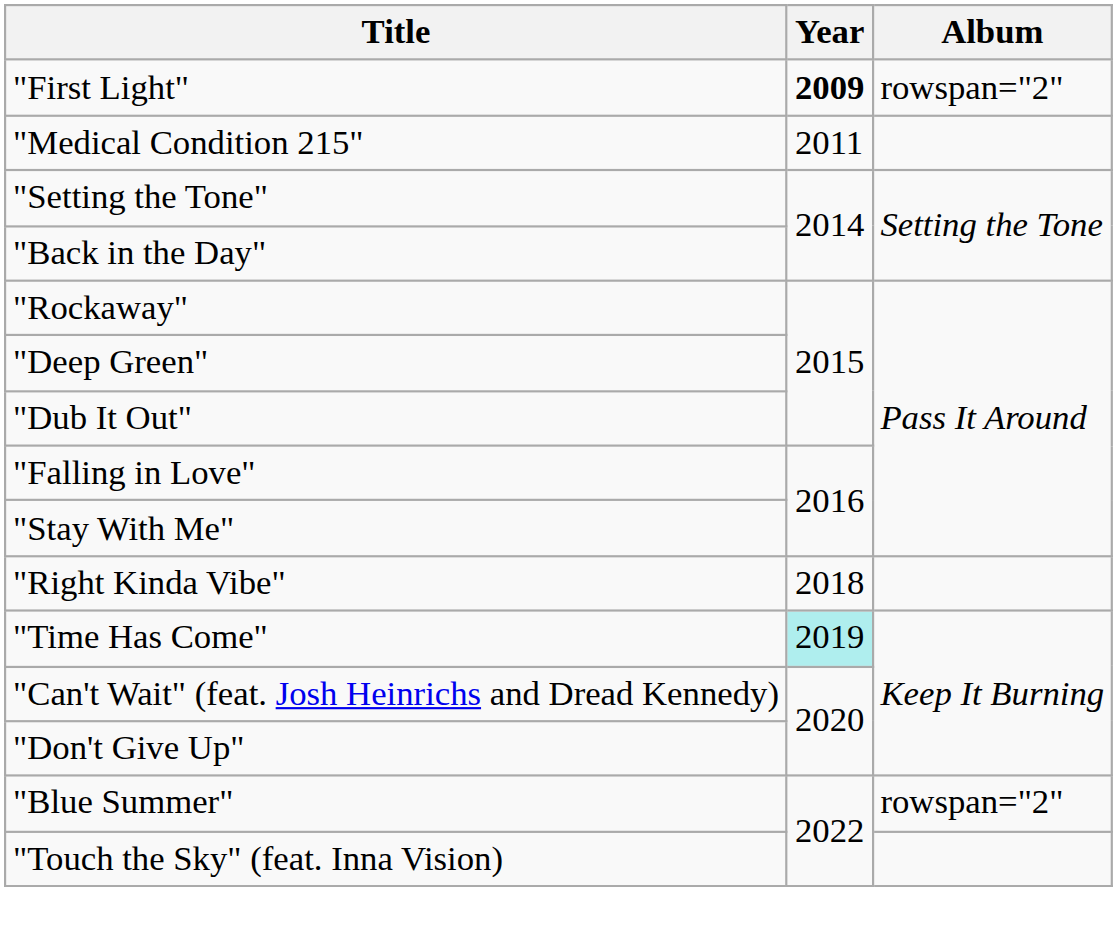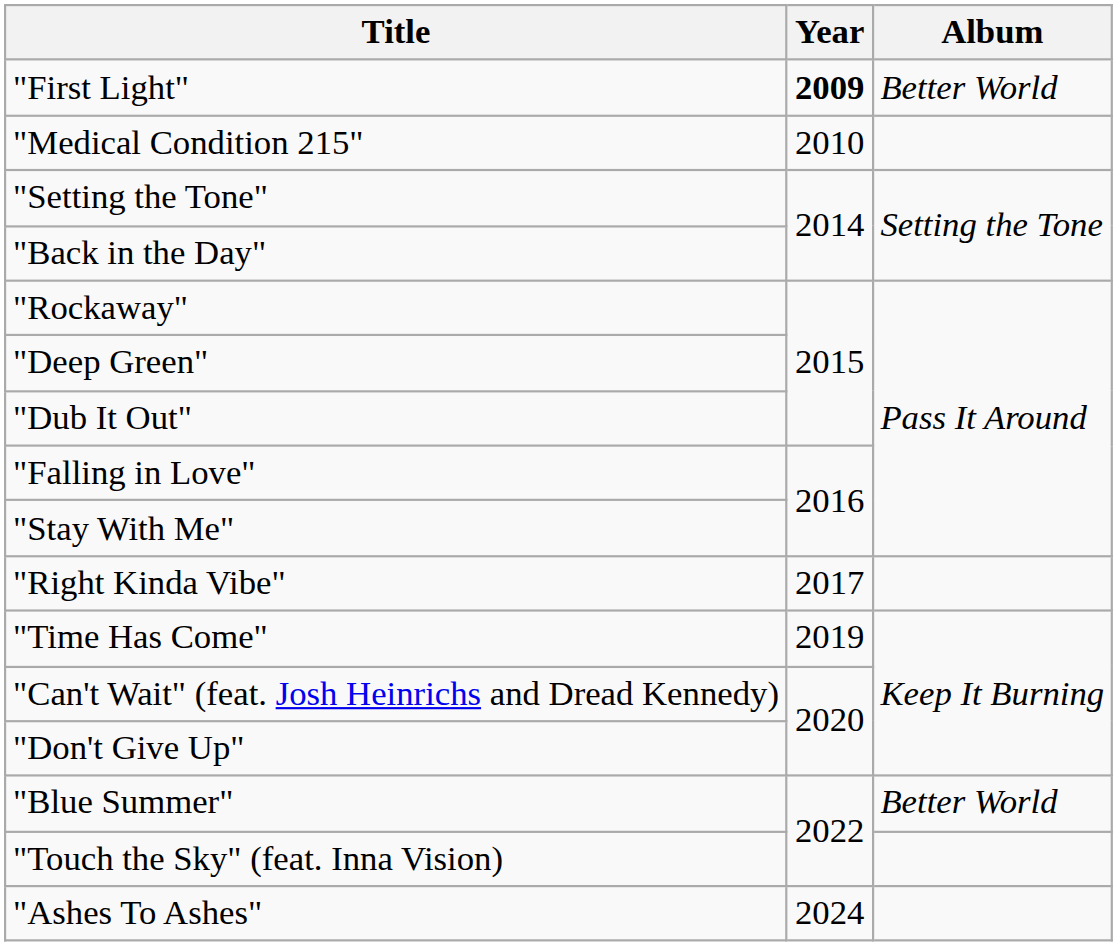 <table class="wikitable">
 <tr>
 <th>Title</th>
 <th>Year</th>
 <th>Album</th>
 </tr>
 <tr>
 <td>"First Light"</td>
 <td><strong>2009</strong></td>
-<td>rowspan="2" </td>
+<td><em>Better World</em></td>
 </tr>
 <tr>
 <td>"Medical Condition 215"</td>
-<td>2011</td>
+<td>2010</td>
 <td></td>
 </tr>
 <tr>
 <td>"Setting the Tone"</td>
 <td rowspan="2">2014</td>
 <td rowspan="2"><em>Setting the Tone</em></td>
 </tr>
 <tr>
 <td>"Back in the Day"</td>
 </tr>
 <tr>
 <td>"Rockaway"</td>
 <td rowspan="3">2015</td>
 <td rowspan="5"><em>Pass It Around</em></td>
 </tr>
 <tr>
 <td>"Deep Green"</td>
 </tr>
 <tr>
 <td>"Dub It Out"</td>
 </tr>
 <tr>
 <td>"Falling in Love"</td>
 <td rowspan="2">2016</td>
 </tr>
 <tr>
 <td>"Stay With Me"</td>
 </tr>
 <tr>
 <td>"Right Kinda Vibe"</td>
-<td>2018</td>
+<td>2017</td>
 <td></td>
 </tr>
 <tr>
 <td>"Time Has Come"</td>
-<td style="background: paleturquoise;">2019</td>
+<td>2019</td>
 <td rowspan="3"><em>Keep It Burning</em></td>
 </tr>
 <tr>
 <td>"Can't Wait" (feat. <a href='#'>Josh Heinrichs</a> and Dread Kennedy)</td>
 <td rowspan="2">2020</td>
 </tr>
 <tr>
 <td>"Don't Give Up"</td>
 </tr>
 <tr>
 <td>"Blue Summer"</td>
 <td rowspan="2">2022</td>
-<td>rowspan="2" </td>
+<td><em>Better World</em></td>
 </tr>
 <tr>
 <td>"Touch the Sky" (feat. Inna Vision)</td>
 </tr>
+<tr>
+<td>"Ashes To Ashes"</td>
+<td>2024</td>
+<td></td>
+</tr>
 </table>
